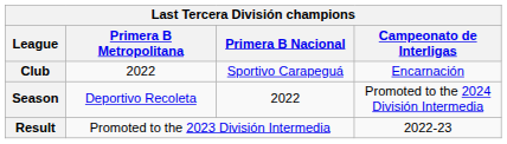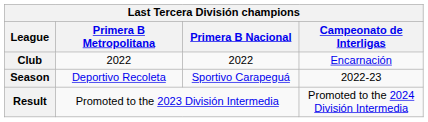 <table class="wikitable col2der col4izq" style="text-align:center" style="font-size:85%" border="1">
 <tr>
 <th colspan="5">Last Tercera División champions</th>
 </tr>
 <tr>
 <th style="text-align:center" Width=20>League</th>
 <th style="text-align:center" Width=280><a href='#'>Primera B Metropolitana</a></th>
 <th style="text-align:center" Width=280><a href='#'>Primera B Nacional</a></th>
 <th style="text-align:center" Width=280><a href='#'>Campeonato de Interligas</a></th>
 </tr>
 <tr>
 <th>Club</th>
 <td style="text-align:center">2022</td>
-<td style="text-align:center"><a href='#'>Sportivo Carapeguá</a></td>
+<td style="text-align:center">2022</td>
 <td style="text-align:center"><a href='#'>Encarnación</a></td>
 </tr>
 <tr>
 <th Width=80>Season</th>
 <td style="text-align:center"><a href='#'>Deportivo Recoleta</a></td>
-<td style="text-align:center">2022</td>
-<td style="text-align:center"> Promoted to the <a href='#'>2024 División Intermedia</a></td>
+<td style="text-align:center"><a href='#'>Sportivo Carapeguá</a></td>
+<td style="text-align:center">2022-23</td>
 </tr>
 <tr>
 <th Width=80>Result</th>
 <td colspan="2" style="text-align:center"> Promoted to the <a href='#'>2023 División Intermedia</a></td>
-<td style="text-align:center">2022-23</td>
+<td style="text-align:center"> Promoted to the <a href='#'>2024 División Intermedia</a></td>
 </tr>
 </table>
